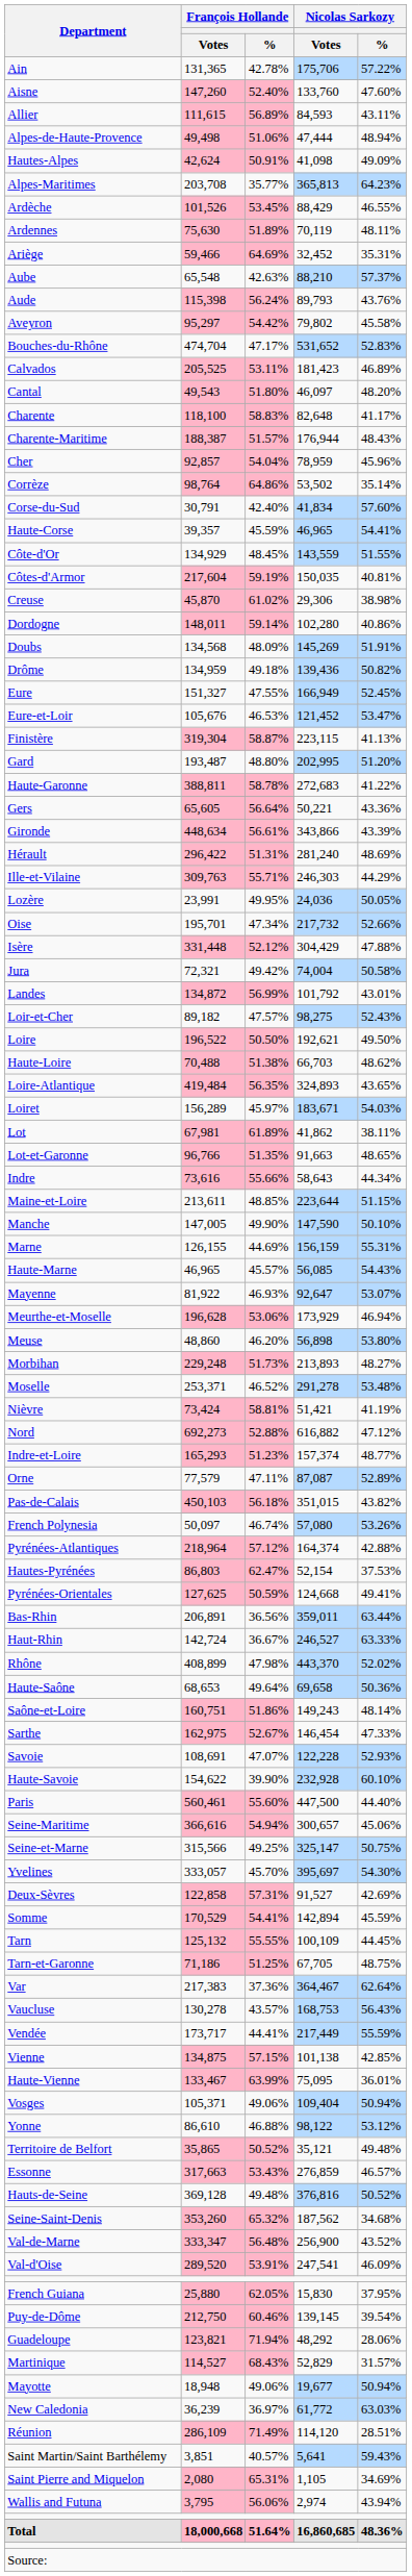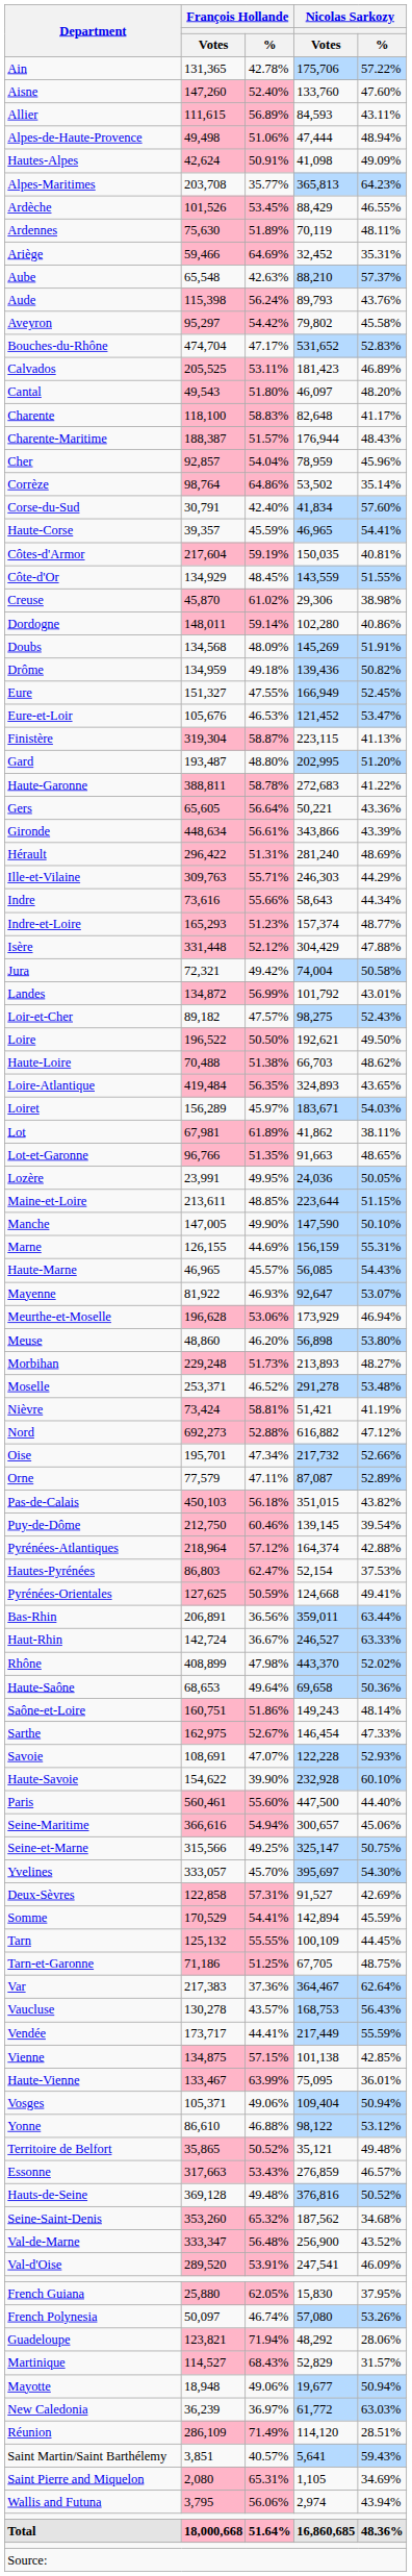 <table class="wikitable sortable collapsible collapsed tpl-blanktable" style="text-align:left; font-size:95%; line-height:20px;">
 <tr>
 <th width="200" rowspan="3"><a href='#'>Department</a></th>
 <th width="110" colspan="2"><a href='#'>François Hollande</a></th>
 <th width="110" colspan="2"><a href='#'>Nicolas Sarkozy</a></th>
 </tr>
 <tr>
 <th colspan="2" style="background:"></th>
 <th colspan="2" style="background:"></th>
 </tr>
 <tr>
 <th>Votes</th>
 <th>%</th>
 <th>Votes</th>
 <th>%</th>
 </tr>
 <tr>
 <td><a href='#'>Ain</a></td>
 <td>131,365</td>
 <td>42.78%</td>
 <td style="background:#B5DAFF;">175,706</td>
 <td style="background:#B5DAFF;">57.22%</td>
 </tr>
 <tr>
 <td><a href='#'>Aisne</a></td>
 <td style="background:#FFB5C8;">147,260</td>
 <td style="background:#FFB5C8;">52.40%</td>
 <td>133,760</td>
 <td>47.60%</td>
 </tr>
 <tr>
 <td><a href='#'>Allier</a></td>
 <td style="background:#FFB5C8;">111,615</td>
 <td style="background:#FFB5C8;">56.89%</td>
 <td>84,593</td>
 <td>43.11%</td>
 </tr>
 <tr>
 <td><a href='#'>Alpes-de-Haute-Provence</a></td>
 <td style="background:#FFB5C8;">49,498</td>
 <td style="background:#FFB5C8;">51.06%</td>
 <td>47,444</td>
 <td>48.94%</td>
 </tr>
 <tr>
 <td><a href='#'>Hautes-Alpes</a></td>
 <td style="background:#FFB5C8;">42,624</td>
 <td style="background:#FFB5C8;">50.91%</td>
 <td>41,098</td>
 <td>49.09%</td>
 </tr>
 <tr>
 <td><a href='#'>Alpes-Maritimes</a></td>
 <td>203,708</td>
 <td>35.77%</td>
 <td style="background:#B5DAFF;">365,813</td>
 <td style="background:#B5DAFF;">64.23%</td>
 </tr>
 <tr>
 <td><a href='#'>Ardèche</a></td>
 <td style="background:#FFB5C8;">101,526</td>
 <td style="background:#FFB5C8;">53.45%</td>
 <td>88,429</td>
 <td>46.55%</td>
 </tr>
 <tr>
 <td><a href='#'>Ardennes</a></td>
 <td style="background:#FFB5C8;">75,630</td>
 <td style="background:#FFB5C8;">51.89%</td>
 <td>70,119</td>
 <td>48.11%</td>
 </tr>
 <tr>
 <td><a href='#'>Ariège</a></td>
 <td style="background:#FFB5C8;">59,466</td>
 <td style="background:#FFB5C8;">64.69%</td>
 <td>32,452</td>
 <td>35.31%</td>
 </tr>
 <tr>
 <td><a href='#'>Aube</a></td>
 <td>65,548</td>
 <td>42.63%</td>
 <td style="background:#B5DAFF;">88,210</td>
 <td style="background:#B5DAFF;">57.37%</td>
 </tr>
 <tr>
 <td><a href='#'>Aude</a></td>
 <td style="background:#FFB5C8;">115,398</td>
 <td style="background:#FFB5C8;">56.24%</td>
 <td>89,793</td>
 <td>43.76%</td>
 </tr>
 <tr>
 <td><a href='#'>Aveyron</a></td>
 <td style="background:#FFB5C8;">95,297</td>
 <td style="background:#FFB5C8;">54.42%</td>
 <td>79,802</td>
 <td>45.58%</td>
 </tr>
 <tr>
 <td><a href='#'>Bouches-du-Rhône</a></td>
 <td>474,704</td>
 <td>47.17%</td>
 <td style="background:#B5DAFF;">531,652</td>
 <td style="background:#B5DAFF;">52.83%</td>
 </tr>
 <tr>
 <td><a href='#'>Calvados</a></td>
 <td style="background:#FFB5C8;">205,525</td>
 <td style="background:#FFB5C8;">53.11%</td>
 <td>181,423</td>
 <td>46.89%</td>
 </tr>
 <tr>
 <td><a href='#'>Cantal</a></td>
 <td style="background:#FFB5C8;">49,543</td>
 <td style="background:#FFB5C8;">51.80%</td>
 <td>46,097</td>
 <td>48.20%</td>
 </tr>
 <tr>
 <td><a href='#'>Charente</a></td>
 <td style="background:#FFB5C8;">118,100</td>
 <td style="background:#FFB5C8;">58.83%</td>
 <td>82,648</td>
 <td>41.17%</td>
 </tr>
 <tr>
 <td><a href='#'>Charente-Maritime</a></td>
 <td style="background:#FFB5C8;">188,387</td>
 <td style="background:#FFB5C8;">51.57%</td>
 <td>176,944</td>
 <td>48.43%</td>
 </tr>
 <tr>
 <td><a href='#'>Cher</a></td>
 <td style="background:#FFB5C8;">92,857</td>
 <td style="background:#FFB5C8;">54.04%</td>
 <td>78,959</td>
 <td>45.96%</td>
 </tr>
 <tr>
 <td><a href='#'>Corrèze</a></td>
 <td style="background:#FFB5C8;">98,764</td>
 <td style="background:#FFB5C8;">64.86%</td>
 <td>53,502</td>
 <td>35.14%</td>
 </tr>
 <tr>
 <td><a href='#'>Corse-du-Sud</a></td>
 <td>30,791</td>
 <td>42.40%</td>
 <td style="background:#B5DAFF;">41,834</td>
 <td style="background:#B5DAFF;">57.60%</td>
 </tr>
 <tr>
 <td><a href='#'>Haute-Corse</a></td>
 <td>39,357</td>
 <td>45.59%</td>
 <td style="background:#B5DAFF;">46,965</td>
 <td style="background:#B5DAFF;">54.41%</td>
 </tr>
 <tr>
+<td><a href='#'>Côtes-d'Armor</a></td>
+<td style="background:#FFB5C8;">217,604</td>
+<td style="background:#FFB5C8;">59.19%</td>
+<td>150,035</td>
+<td>40.81%</td>
+</tr>
+<tr>
 <td><a href='#'>Côte-d'Or</a></td>
 <td>134,929</td>
 <td>48.45%</td>
 <td style="background:#B5DAFF;">143,559</td>
 <td style="background:#B5DAFF;">51.55%</td>
-</tr>
-<tr>
-<td><a href='#'>Côtes-d'Armor</a></td>
-<td style="background:#FFB5C8;">217,604</td>
-<td style="background:#FFB5C8;">59.19%</td>
-<td>150,035</td>
-<td>40.81%</td>
 </tr>
 <tr>
 <td><a href='#'>Creuse</a></td>
 <td style="background:#FFB5C8;">45,870</td>
 <td style="background:#FFB5C8;">61.02%</td>
 <td>29,306</td>
 <td>38.98%</td>
 </tr>
 <tr>
 <td><a href='#'>Dordogne</a></td>
 <td style="background:#FFB5C8;">148,011</td>
 <td style="background:#FFB5C8;">59.14%</td>
 <td>102,280</td>
 <td>40.86%</td>
 </tr>
 <tr>
 <td><a href='#'>Doubs</a></td>
 <td>134,568</td>
 <td>48.09%</td>
 <td style="background:#B5DAFF;">145,269</td>
 <td style="background:#B5DAFF;">51.91%</td>
 </tr>
 <tr>
 <td><a href='#'>Drôme</a></td>
 <td>134,959</td>
 <td>49.18%</td>
 <td style="background:#B5DAFF;">139,436</td>
 <td style="background:#B5DAFF;">50.82%</td>
 </tr>
 <tr>
 <td><a href='#'>Eure</a></td>
 <td>151,327</td>
 <td>47.55%</td>
 <td style="background:#B5DAFF;">166,949</td>
 <td style="background:#B5DAFF;">52.45%</td>
 </tr>
 <tr>
 <td><a href='#'>Eure-et-Loir</a></td>
 <td>105,676</td>
 <td>46.53%</td>
 <td style="background:#B5DAFF;">121,452</td>
 <td style="background:#B5DAFF;">53.47%</td>
 </tr>
 <tr>
 <td><a href='#'>Finistère</a></td>
 <td style="background:#FFB5C8;">319,304</td>
 <td style="background:#FFB5C8;">58.87%</td>
 <td>223,115</td>
 <td>41.13%</td>
 </tr>
 <tr>
 <td><a href='#'>Gard</a></td>
 <td>193,487</td>
 <td>48.80%</td>
 <td style="background:#B5DAFF;">202,995</td>
 <td style="background:#B5DAFF;">51.20%</td>
 </tr>
 <tr>
 <td><a href='#'>Haute-Garonne</a></td>
 <td style="background:#FFB5C8;">388,811</td>
 <td style="background:#FFB5C8;">58.78%</td>
 <td>272,683</td>
 <td>41.22%</td>
 </tr>
 <tr>
 <td><a href='#'>Gers</a></td>
 <td style="background:#FFB5C8;">65,605</td>
 <td style="background:#FFB5C8;">56.64%</td>
 <td>50,221</td>
 <td>43.36%</td>
 </tr>
 <tr>
 <td><a href='#'>Gironde</a></td>
 <td style="background:#FFB5C8;">448,634</td>
 <td style="background:#FFB5C8;">56.61%</td>
 <td>343,866</td>
 <td>43.39%</td>
 </tr>
 <tr>
 <td><a href='#'>Hérault</a></td>
 <td style="background:#FFB5C8;">296,422</td>
 <td style="background:#FFB5C8;">51.31%</td>
 <td>281,240</td>
 <td>48.69%</td>
 </tr>
 <tr>
 <td><a href='#'>Ille-et-Vilaine</a></td>
 <td style="background:#FFB5C8;">309,763</td>
 <td style="background:#FFB5C8;">55.71%</td>
 <td>246,303</td>
 <td>44.29%</td>
 </tr>
 <tr>
-<td><a href='#'>Lozère</a></td>
-<td>23,991</td>
-<td>49.95%</td>
-<td style="background:#B5DAFF;">24,036</td>
-<td style="background:#B5DAFF;">50.05%</td>
+<td><a href='#'>Indre</a></td>
+<td style="background:#FFB5C8;">73,616</td>
+<td style="background:#FFB5C8;">55.66%</td>
+<td>58,643</td>
+<td>44.34%</td>
 </tr>
 <tr>
-<td><a href='#'>Oise</a></td>
-<td>195,701</td>
-<td>47.34%</td>
-<td style="background:#B5DAFF;">217,732</td>
-<td style="background:#B5DAFF;">52.66%</td>
+<td><a href='#'>Indre-et-Loire</a></td>
+<td style="background:#FFB5C8;">165,293</td>
+<td style="background:#FFB5C8;">51.23%</td>
+<td>157,374</td>
+<td>48.77%</td>
 </tr>
 <tr>
 <td><a href='#'>Isère</a></td>
 <td style="background:#FFB5C8;">331,448</td>
 <td style="background:#FFB5C8;">52.12%</td>
 <td>304,429</td>
 <td>47.88%</td>
 </tr>
 <tr>
 <td><a href='#'>Jura</a></td>
 <td>72,321</td>
 <td>49.42%</td>
 <td style="background:#B5DAFF;">74,004</td>
 <td style="background:#B5DAFF;">50.58%</td>
 </tr>
 <tr>
 <td><a href='#'>Landes</a></td>
 <td style="background:#FFB5C8;">134,872</td>
 <td style="background:#FFB5C8;">56.99%</td>
 <td>101,792</td>
 <td>43.01%</td>
 </tr>
 <tr>
 <td><a href='#'>Loir-et-Cher</a></td>
 <td>89,182</td>
 <td>47.57%</td>
 <td style="background:#B5DAFF;">98,275</td>
 <td style="background:#B5DAFF;">52.43%</td>
 </tr>
 <tr>
 <td><a href='#'>Loire</a></td>
 <td style="background:#FFB5C8;">196,522</td>
 <td style="background:#FFB5C8;">50.50%</td>
 <td>192,621</td>
 <td>49.50%</td>
 </tr>
 <tr>
 <td><a href='#'>Haute-Loire</a></td>
 <td style="background:#FFB5C8;">70,488</td>
 <td style="background:#FFB5C8;">51.38%</td>
 <td>66,703</td>
 <td>48.62%</td>
 </tr>
 <tr>
 <td><a href='#'>Loire-Atlantique</a></td>
 <td style="background:#FFB5C8;">419,484</td>
 <td style="background:#FFB5C8;">56.35%</td>
 <td>324,893</td>
 <td>43.65%</td>
 </tr>
 <tr>
 <td><a href='#'>Loiret</a></td>
 <td>156,289</td>
 <td>45.97%</td>
 <td style="background:#B5DAFF;">183,671</td>
 <td style="background:#B5DAFF;">54.03%</td>
 </tr>
 <tr>
 <td><a href='#'>Lot</a></td>
 <td style="background:#FFB5C8;">67,981</td>
 <td style="background:#FFB5C8;">61.89%</td>
 <td>41,862</td>
 <td>38.11%</td>
 </tr>
 <tr>
 <td><a href='#'>Lot-et-Garonne</a></td>
 <td style="background:#FFB5C8;">96,766</td>
 <td style="background:#FFB5C8;">51.35%</td>
 <td>91,663</td>
 <td>48.65%</td>
 </tr>
 <tr>
-<td><a href='#'>Indre</a></td>
-<td style="background:#FFB5C8;">73,616</td>
-<td style="background:#FFB5C8;">55.66%</td>
-<td>58,643</td>
-<td>44.34%</td>
+<td><a href='#'>Lozère</a></td>
+<td>23,991</td>
+<td>49.95%</td>
+<td style="background:#B5DAFF;">24,036</td>
+<td style="background:#B5DAFF;">50.05%</td>
 </tr>
 <tr>
 <td><a href='#'>Maine-et-Loire</a></td>
 <td>213,611</td>
 <td>48.85%</td>
 <td style="background:#B5DAFF;">223,644</td>
 <td style="background:#B5DAFF;">51.15%</td>
 </tr>
 <tr>
 <td><a href='#'>Manche</a></td>
 <td>147,005</td>
 <td>49.90%</td>
 <td style="background:#B5DAFF;">147,590</td>
 <td style="background:#B5DAFF;">50.10%</td>
 </tr>
 <tr>
 <td><a href='#'>Marne</a></td>
 <td>126,155</td>
 <td>44.69%</td>
 <td style="background:#B5DAFF;">156,159</td>
 <td style="background:#B5DAFF;">55.31%</td>
 </tr>
 <tr>
 <td><a href='#'>Haute-Marne</a></td>
 <td>46,965</td>
 <td>45.57%</td>
 <td style="background:#B5DAFF;">56,085</td>
 <td style="background:#B5DAFF;">54.43%</td>
 </tr>
 <tr>
 <td><a href='#'>Mayenne</a></td>
 <td>81,922</td>
 <td>46.93%</td>
 <td style="background:#B5DAFF;">92,647</td>
 <td style="background:#B5DAFF;">53.07%</td>
 </tr>
 <tr>
 <td><a href='#'>Meurthe-et-Moselle</a></td>
 <td style="background:#FFB5C8;">196,628</td>
 <td style="background:#FFB5C8;">53.06%</td>
 <td>173,929</td>
 <td>46.94%</td>
 </tr>
 <tr>
 <td><a href='#'>Meuse</a></td>
 <td>48,860</td>
 <td>46.20%</td>
 <td style="background:#B5DAFF;">56,898</td>
 <td style="background:#B5DAFF;">53.80%</td>
 </tr>
 <tr>
 <td><a href='#'>Morbihan</a></td>
 <td style="background:#FFB5C8;">229,248</td>
 <td style="background:#FFB5C8;">51.73%</td>
 <td>213,893</td>
 <td>48.27%</td>
 </tr>
 <tr>
 <td><a href='#'>Moselle</a></td>
 <td>253,371</td>
 <td>46.52%</td>
 <td style="background:#B5DAFF;">291,278</td>
 <td style="background:#B5DAFF;">53.48%</td>
 </tr>
 <tr>
 <td><a href='#'>Nièvre</a></td>
 <td style="background:#FFB5C8;">73,424</td>
 <td style="background:#FFB5C8;">58.81%</td>
 <td>51,421</td>
 <td>41.19%</td>
 </tr>
 <tr>
 <td><a href='#'>Nord</a></td>
 <td style="background:#FFB5C8;">692,273</td>
 <td style="background:#FFB5C8;">52.88%</td>
 <td>616,882</td>
 <td>47.12%</td>
 </tr>
 <tr>
-<td><a href='#'>Indre-et-Loire</a></td>
-<td style="background:#FFB5C8;">165,293</td>
-<td style="background:#FFB5C8;">51.23%</td>
-<td>157,374</td>
-<td>48.77%</td>
+<td><a href='#'>Oise</a></td>
+<td>195,701</td>
+<td>47.34%</td>
+<td style="background:#B5DAFF;">217,732</td>
+<td style="background:#B5DAFF;">52.66%</td>
 </tr>
 <tr>
 <td><a href='#'>Orne</a></td>
 <td>77,579</td>
 <td>47.11%</td>
 <td style="background:#B5DAFF;">87,087</td>
 <td style="background:#B5DAFF;">52.89%</td>
 </tr>
 <tr>
 <td><a href='#'>Pas-de-Calais</a></td>
 <td style="background:#FFB5C8;">450,103</td>
 <td style="background:#FFB5C8;">56.18%</td>
 <td>351,015</td>
 <td>43.82%</td>
 </tr>
 <tr>
-<td><a href='#'>French Polynesia</a></td>
-<td>50,097</td>
-<td>46.74%</td>
-<td style="background:#B5DAFF;">57,080</td>
-<td style="background:#B5DAFF;">53.26%</td>
+<td><a href='#'>Puy-de-Dôme</a></td>
+<td style="background:#FFB5C8;">212,750</td>
+<td style="background:#FFB5C8;">60.46%</td>
+<td>139,145</td>
+<td>39.54%</td>
 </tr>
 <tr>
 <td><a href='#'>Pyrénées-Atlantiques</a></td>
 <td style="background:#FFB5C8;">218,964</td>
 <td style="background:#FFB5C8;">57.12%</td>
 <td>164,374</td>
 <td>42.88%</td>
 </tr>
 <tr>
 <td><a href='#'>Hautes-Pyrénées</a></td>
 <td style="background:#FFB5C8;">86,803</td>
 <td style="background:#FFB5C8;">62.47%</td>
 <td>52,154</td>
 <td>37.53%</td>
 </tr>
 <tr>
 <td><a href='#'>Pyrénées-Orientales</a></td>
 <td style="background:#FFB5C8;">127,625</td>
 <td style="background:#FFB5C8;">50.59%</td>
 <td>124,668</td>
 <td>49.41%</td>
 </tr>
 <tr>
 <td><a href='#'>Bas-Rhin</a></td>
 <td>206,891</td>
 <td>36.56%</td>
 <td style="background:#B5DAFF;">359,011</td>
 <td style="background:#B5DAFF;">63.44%</td>
 </tr>
 <tr>
 <td><a href='#'>Haut-Rhin</a></td>
 <td>142,724</td>
 <td>36.67%</td>
 <td style="background:#B5DAFF;">246,527</td>
 <td style="background:#B5DAFF;">63.33%</td>
 </tr>
 <tr>
 <td><a href='#'>Rhône</a></td>
 <td>408,899</td>
 <td>47.98%</td>
 <td style="background:#B5DAFF;">443,370</td>
 <td style="background:#B5DAFF;">52.02%</td>
 </tr>
 <tr>
 <td><a href='#'>Haute-Saône</a></td>
 <td>68,653</td>
 <td>49.64%</td>
 <td style="background:#B5DAFF;">69,658</td>
 <td style="background:#B5DAFF;">50.36%</td>
 </tr>
 <tr>
 <td><a href='#'>Saône-et-Loire</a></td>
 <td style="background:#FFB5C8;">160,751</td>
 <td style="background:#FFB5C8;">51.86%</td>
 <td>149,243</td>
 <td>48.14%</td>
 </tr>
 <tr>
 <td><a href='#'>Sarthe</a></td>
 <td style="background:#FFB5C8;">162,975</td>
 <td style="background:#FFB5C8;">52.67%</td>
 <td>146,454</td>
 <td>47.33%</td>
 </tr>
 <tr>
 <td><a href='#'>Savoie</a></td>
 <td>108,691</td>
 <td>47.07%</td>
 <td style="background:#B5DAFF;">122,228</td>
 <td style="background:#B5DAFF;">52.93%</td>
 </tr>
 <tr>
 <td><a href='#'>Haute-Savoie</a></td>
 <td>154,622</td>
 <td>39.90%</td>
 <td style="background:#B5DAFF;">232,928</td>
 <td style="background:#B5DAFF;">60.10%</td>
 </tr>
 <tr>
 <td><a href='#'>Paris</a></td>
 <td style="background:#FFB5C8;">560,461</td>
 <td style="background:#FFB5C8;">55.60%</td>
 <td>447,500</td>
 <td>44.40%</td>
 </tr>
 <tr>
 <td><a href='#'>Seine-Maritime</a></td>
 <td style="background:#FFB5C8;">366,616</td>
 <td style="background:#FFB5C8;">54.94%</td>
 <td>300,657</td>
 <td>45.06%</td>
 </tr>
 <tr>
 <td><a href='#'>Seine-et-Marne</a></td>
 <td>315,566</td>
 <td>49.25%</td>
 <td style="background:#B5DAFF;">325,147</td>
 <td style="background:#B5DAFF;">50.75%</td>
 </tr>
 <tr>
 <td><a href='#'>Yvelines</a></td>
 <td>333,057</td>
 <td>45.70%</td>
 <td style="background:#B5DAFF;">395,697</td>
 <td style="background:#B5DAFF;">54.30%</td>
 </tr>
 <tr>
 <td><a href='#'>Deux-Sèvres</a></td>
 <td style="background:#FFB5C8;">122,858</td>
 <td style="background:#FFB5C8;">57.31%</td>
 <td>91,527</td>
 <td>42.69%</td>
 </tr>
 <tr>
 <td><a href='#'>Somme</a></td>
 <td style="background:#FFB5C8;">170,529</td>
 <td style="background:#FFB5C8;">54.41%</td>
 <td>142,894</td>
 <td>45.59%</td>
 </tr>
 <tr>
 <td><a href='#'>Tarn</a></td>
 <td style="background:#FFB5C8;">125,132</td>
 <td style="background:#FFB5C8;">55.55%</td>
 <td>100,109</td>
 <td>44.45%</td>
 </tr>
 <tr>
 <td><a href='#'>Tarn-et-Garonne</a></td>
 <td style="background:#FFB5C8;">71,186</td>
 <td style="background:#FFB5C8;">51.25%</td>
 <td>67,705</td>
 <td>48.75%</td>
 </tr>
 <tr>
 <td><a href='#'>Var</a></td>
 <td>217,383</td>
 <td>37.36%</td>
 <td style="background:#B5DAFF;">364,467</td>
 <td style="background:#B5DAFF;">62.64%</td>
 </tr>
 <tr>
 <td><a href='#'>Vaucluse</a></td>
 <td>130,278</td>
 <td>43.57%</td>
 <td style="background:#B5DAFF;">168,753</td>
 <td style="background:#B5DAFF;">56.43%</td>
 </tr>
 <tr>
 <td><a href='#'>Vendée</a></td>
 <td>173,717</td>
 <td>44.41%</td>
 <td style="background:#B5DAFF;">217,449</td>
 <td style="background:#B5DAFF;">55.59%</td>
 </tr>
 <tr>
 <td><a href='#'>Vienne</a></td>
 <td style="background:#FFB5C8;">134,875</td>
 <td style="background:#FFB5C8;">57.15%</td>
 <td>101,138</td>
 <td>42.85%</td>
 </tr>
 <tr>
 <td><a href='#'>Haute-Vienne</a></td>
 <td style="background:#FFB5C8;">133,467</td>
 <td style="background:#FFB5C8;">63.99%</td>
 <td>75,095</td>
 <td>36.01%</td>
 </tr>
 <tr>
 <td><a href='#'>Vosges</a></td>
 <td>105,371</td>
 <td>49.06%</td>
 <td style="background:#B5DAFF;">109,404</td>
 <td style="background:#B5DAFF;">50.94%</td>
 </tr>
 <tr>
 <td><a href='#'>Yonne</a></td>
 <td>86,610</td>
 <td>46.88%</td>
 <td style="background:#B5DAFF;">98,122</td>
 <td style="background:#B5DAFF;">53.12%</td>
 </tr>
 <tr>
 <td><a href='#'>Territoire de Belfort</a></td>
 <td style="background:#FFB5C8;">35,865</td>
 <td style="background:#FFB5C8;">50.52%</td>
 <td>35,121</td>
 <td>49.48%</td>
 </tr>
 <tr>
 <td><a href='#'>Essonne</a></td>
 <td style="background:#FFB5C8;">317,663</td>
 <td style="background:#FFB5C8;">53.43%</td>
 <td>276,859</td>
 <td>46.57%</td>
 </tr>
 <tr>
 <td><a href='#'>Hauts-de-Seine</a></td>
 <td>369,128</td>
 <td>49.48%</td>
 <td style="background:#B5DAFF;">376,816</td>
 <td style="background:#B5DAFF;">50.52%</td>
 </tr>
 <tr>
 <td><a href='#'>Seine-Saint-Denis</a></td>
 <td style="background:#FFB5C8;">353,260</td>
 <td style="background:#FFB5C8;">65.32%</td>
 <td>187,562</td>
 <td>34.68%</td>
 </tr>
 <tr>
 <td><a href='#'>Val-de-Marne</a></td>
 <td style="background:#FFB5C8;">333,347</td>
 <td style="background:#FFB5C8;">56.48%</td>
 <td>256,900</td>
 <td>43.52%</td>
 </tr>
 <tr>
 <td><a href='#'>Val-d'Oise</a></td>
 <td style="background:#FFB5C8;">289,520</td>
 <td style="background:#FFB5C8;">53.91%</td>
 <td>247,541</td>
 <td>46.09%</td>
 </tr>
 <tr>
 <td colspan="5"></td>
 </tr>
 <tr>
 <td><a href='#'>French Guiana</a></td>
 <td style="background:#FFB5C8;">25,880</td>
 <td style="background:#FFB5C8;">62.05%</td>
 <td>15,830</td>
 <td>37.95%</td>
 </tr>
 <tr>
-<td><a href='#'>Puy-de-Dôme</a></td>
-<td style="background:#FFB5C8;">212,750</td>
-<td style="background:#FFB5C8;">60.46%</td>
-<td>139,145</td>
-<td>39.54%</td>
+<td><a href='#'>French Polynesia</a></td>
+<td>50,097</td>
+<td>46.74%</td>
+<td style="background:#B5DAFF;">57,080</td>
+<td style="background:#B5DAFF;">53.26%</td>
 </tr>
 <tr>
 <td><a href='#'>Guadeloupe</a></td>
 <td style="background:#FFB5C8;">123,821</td>
 <td style="background:#FFB5C8;">71.94%</td>
 <td>48,292</td>
 <td>28.06%</td>
 </tr>
 <tr>
 <td><a href='#'>Martinique</a></td>
 <td style="background:#FFB5C8;">114,527</td>
 <td style="background:#FFB5C8;">68.43%</td>
 <td>52,829</td>
 <td>31.57%</td>
 </tr>
 <tr>
 <td><a href='#'>Mayotte</a></td>
 <td>18,948</td>
 <td>49.06%</td>
 <td style="background:#B5DAFF;">19,677</td>
 <td style="background:#B5DAFF;">50.94%</td>
 </tr>
 <tr>
 <td><a href='#'>New Caledonia</a></td>
 <td>36,239</td>
 <td>36.97%</td>
 <td style="background:#B5DAFF;">61,772</td>
 <td style="background:#B5DAFF;">63.03%</td>
 </tr>
 <tr>
 <td><a href='#'>Réunion</a></td>
 <td style="background:#FFB5C8;">286,109</td>
 <td style="background:#FFB5C8;">71.49%</td>
 <td>114,120</td>
 <td>28.51%</td>
 </tr>
 <tr>
 <td>Saint Martin/Saint Barthélemy</td>
 <td>3,851</td>
 <td>40.57%</td>
 <td style="background:#B5DAFF;">5,641</td>
 <td style="background:#B5DAFF;">59.43%</td>
 </tr>
 <tr>
 <td><a href='#'>Saint Pierre and Miquelon</a></td>
 <td style="background:#FFB5C8;">2,080</td>
 <td style="background:#FFB5C8;">65.31%</td>
 <td>1,105</td>
 <td>34.69%</td>
 </tr>
 <tr>
 <td style="text-align:left;"><a href='#'>Wallis and Futuna</a></td>
 <td style="background:#FFB5C8;">3,795</td>
 <td style="background:#FFB5C8;">56.06%</td>
 <td>2,974</td>
 <td>43.94%</td>
 </tr>
 <tr>
 <td colspan="5"></td>
 </tr>
 <tr style="font-weight:bold; background:#E4E4E4;">
 <td>Total</td>
 <td style="background:#FFB5C8;">18,000,668</td>
 <td style="background:#FFB5C8;">51.64%</td>
 <td>16,860,685</td>
 <td>48.36%</td>
 </tr>
 <tr>
 <td colspan="5"></td>
 </tr>
 <tr>
 <td colspan="5">Source:  </td>
 </tr>
 </table>
